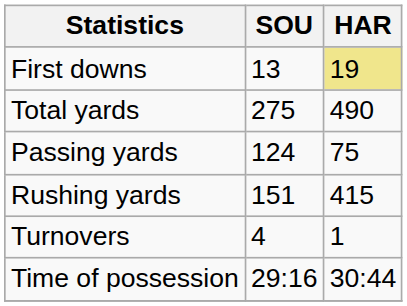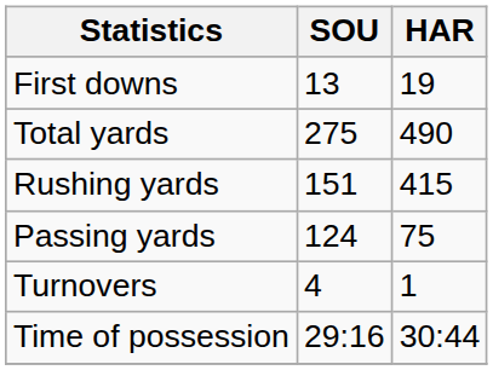 <table class="wikitable" style="float: left;">
 <tr>
 <th>Statistics</th>
 <th>SOU</th>
 <th>HAR</th>
 </tr>
 <tr>
 <td>First downs</td>
 <td>13</td>
-<td style="background: khaki;">19</td>
+<td>19</td>
 </tr>
 <tr>
 <td>Total yards</td>
 <td>275</td>
 <td>490</td>
 </tr>
 <tr>
+<td>Rushing yards</td>
+<td>151</td>
+<td>415</td>
+</tr>
+<tr>
 <td>Passing yards</td>
 <td>124</td>
 <td>75</td>
-</tr>
-<tr>
-<td>Rushing yards</td>
-<td>151</td>
-<td>415</td>
 </tr>
 <tr>
 <td>Turnovers</td>
 <td>4</td>
 <td>1</td>
 </tr>
 <tr>
 <td>Time of possession</td>
 <td>29:16</td>
 <td>30:44</td>
 </tr>
 <tr>
 </tr>
 </table>
